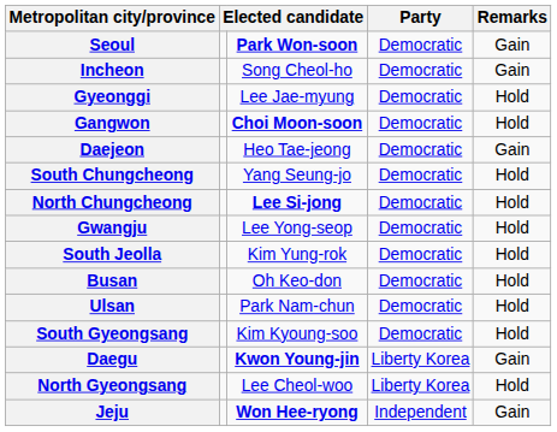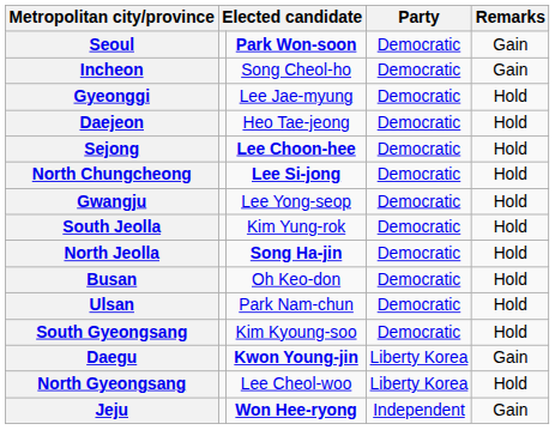 <table class="wikitable" style="text-align:center;">
 <tr>
 <th>Metropolitan city/province</th>
 <th colspan="2">Elected candidate</th>
 <th>Party</th>
 <th>Remarks</th>
 </tr>
 <tr>
 <th><a href='#'>Seoul</a></th>
 <td style="background:"></td>
 <td><strong><a href='#'>Park Won-soon</a></strong></td>
 <td><a href='#'>Democratic</a></td>
 <td>Gain</td>
 </tr>
 <tr>
 <th><a href='#'>Incheon</a></th>
 <td style="background:"></td>
 <td><a href='#'>Song Cheol-ho</a></td>
 <td><a href='#'>Democratic</a></td>
 <td>Gain</td>
 </tr>
 <tr>
 <th><a href='#'>Gyeonggi</a></th>
 <td style="background:"></td>
 <td><a href='#'>Lee Jae-myung</a></td>
 <td><a href='#'>Democratic</a></td>
 <td>Hold</td>
 </tr>
 <tr>
-<th><a href='#'>Gangwon</a></th>
+<th><a href='#'>Daejeon</a></th>
 <td style="background:"></td>
-<td><strong><a href='#'>Choi Moon-soon</a></strong></td>
+<td><a href='#'>Heo Tae-jeong</a></td>
 <td><a href='#'>Democratic</a></td>
 <td>Hold</td>
 </tr>
 <tr>
-<th><a href='#'>Daejeon</a></th>
+<th><a href='#'>Sejong</a></th>
 <td style="background:"></td>
-<td><a href='#'>Heo Tae-jeong</a></td>
-<td><a href='#'>Democratic</a></td>
-<td>Gain</td>
-</tr>
-<tr>
-<th><a href='#'>South Chungcheong</a></th>
-<td style="background:"></td>
-<td><a href='#'>Yang Seung-jo</a></td>
+<td><strong><a href='#'>Lee Choon-hee</a></strong></td>
 <td><a href='#'>Democratic</a></td>
 <td>Hold</td>
 </tr>
 <tr>
 <th><a href='#'>North Chungcheong</a></th>
 <td style="background:"></td>
 <td><strong><a href='#'>Lee Si-jong</a></strong></td>
 <td><a href='#'>Democratic</a></td>
 <td>Hold</td>
 </tr>
 <tr>
 <th><a href='#'>Gwangju</a></th>
 <td style="background:"></td>
 <td><a href='#'>Lee Yong-seop</a></td>
 <td><a href='#'>Democratic</a></td>
 <td>Hold</td>
 </tr>
 <tr>
 <th><a href='#'>South Jeolla</a></th>
 <td style="background:"></td>
 <td><a href='#'>Kim Yung-rok</a></td>
+<td><a href='#'>Democratic</a></td>
+<td>Hold</td>
+</tr>
+<tr>
+<th><a href='#'>North Jeolla</a></th>
+<td style="background:"></td>
+<td><strong><a href='#'>Song Ha-jin</a></strong></td>
 <td><a href='#'>Democratic</a></td>
 <td>Hold</td>
 </tr>
 <tr>
 <th><a href='#'>Busan</a></th>
 <td style="background:"></td>
 <td><a href='#'>Oh Keo-don</a></td>
 <td><a href='#'>Democratic</a></td>
 <td>Hold</td>
 </tr>
 <tr>
 <th><a href='#'>Ulsan</a></th>
 <td style="background:"></td>
 <td><a href='#'>Park Nam-chun</a></td>
 <td><a href='#'>Democratic</a></td>
 <td>Hold</td>
 </tr>
 <tr>
 <th><a href='#'>South Gyeongsang</a></th>
 <td style="background:"></td>
 <td><a href='#'>Kim Kyoung-soo</a></td>
 <td><a href='#'>Democratic</a></td>
 <td>Hold</td>
 </tr>
 <tr>
 <th><a href='#'>Daegu</a></th>
 <td style="background:"></td>
 <td><strong><a href='#'>Kwon Young-jin</a></strong></td>
 <td><a href='#'>Liberty Korea</a></td>
 <td>Gain</td>
 </tr>
 <tr>
 <th><a href='#'>North Gyeongsang</a></th>
 <td style="background:"></td>
 <td><a href='#'>Lee Cheol-woo</a></td>
 <td><a href='#'>Liberty Korea</a></td>
 <td>Hold</td>
 </tr>
 <tr>
 <th><a href='#'>Jeju</a></th>
 <td style="background:"></td>
 <td><strong><a href='#'>Won Hee-ryong</a></strong></td>
 <td><a href='#'>Independent</a></td>
 <td>Gain</td>
 </tr>
 </table>
